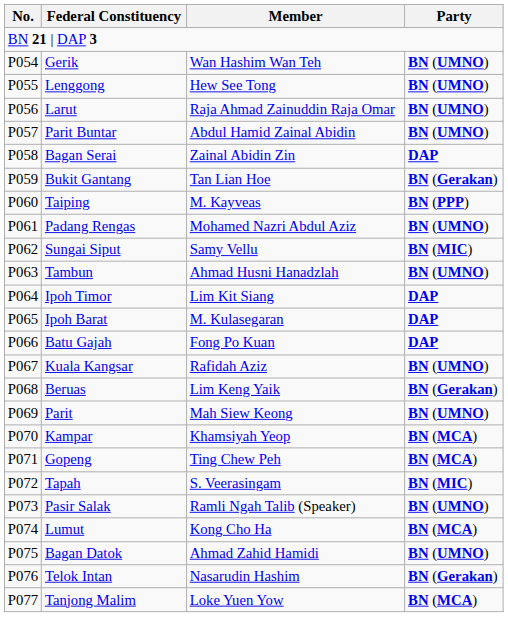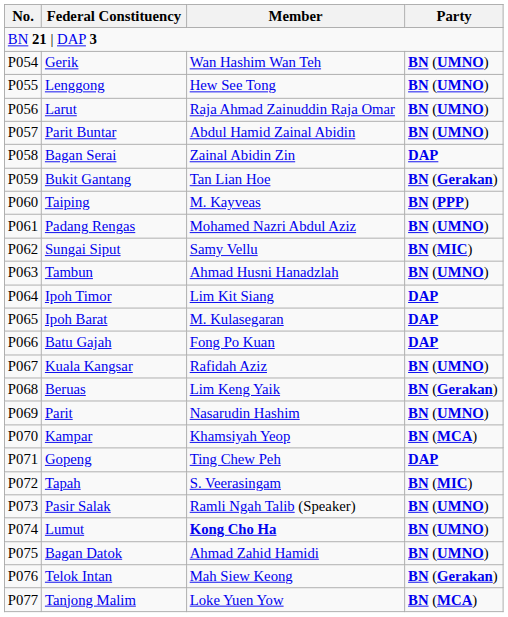 <table class="wikitable sortable">
 <tr>
 <th style="width:30px;">No.</th>
 <th style="width:150px;">Federal Constituency</th>
 <th style="width:230px;">Member</th>
 <th style="width:100px;">Party</th>
 </tr>
 <tr>
 <td colspan="4"><a href='#'>BN</a> <strong>21</strong> | <a href='#'>DAP</a> <strong>3</strong></td>
 </tr>
 <tr>
 <td>P054</td>
 <td><a href='#'>Gerik</a></td>
 <td><a href='#'>Wan Hashim Wan Teh</a></td>
 <td><strong><a href='#'>BN</a></strong> (<strong><a href='#'>UMNO</a></strong>)</td>
 </tr>
 <tr>
 <td>P055</td>
 <td><a href='#'>Lenggong</a></td>
 <td><a href='#'>Hew See Tong</a></td>
 <td><strong><a href='#'>BN</a></strong> (<strong><a href='#'>UMNO</a></strong>)</td>
 </tr>
 <tr>
 <td>P056</td>
 <td><a href='#'>Larut</a></td>
 <td><a href='#'>Raja Ahmad Zainuddin Raja Omar</a></td>
 <td><strong><a href='#'>BN</a></strong> (<strong><a href='#'>UMNO</a></strong>)</td>
 </tr>
 <tr>
 <td>P057</td>
 <td><a href='#'>Parit Buntar</a></td>
 <td><a href='#'>Abdul Hamid Zainal Abidin</a></td>
 <td><strong><a href='#'>BN</a></strong> (<strong><a href='#'>UMNO</a></strong>)</td>
 </tr>
 <tr>
 <td>P058</td>
 <td><a href='#'>Bagan Serai</a></td>
 <td><a href='#'>Zainal Abidin Zin</a></td>
 <td><strong><a href='#'>DAP</a></strong></td>
 </tr>
 <tr>
 <td>P059</td>
 <td><a href='#'>Bukit Gantang</a></td>
 <td><a href='#'>Tan Lian Hoe</a></td>
 <td><strong><a href='#'>BN</a></strong> (<strong><a href='#'>Gerakan</a></strong>)</td>
 </tr>
 <tr>
 <td>P060</td>
 <td><a href='#'>Taiping</a></td>
 <td><a href='#'>M. Kayveas</a></td>
 <td><strong><a href='#'>BN</a></strong> (<strong><a href='#'>PPP</a></strong>)</td>
 </tr>
 <tr>
 <td>P061</td>
 <td><a href='#'>Padang Rengas</a></td>
 <td><a href='#'>Mohamed Nazri Abdul Aziz</a></td>
 <td><strong><a href='#'>BN</a></strong> (<strong><a href='#'>UMNO</a></strong>)</td>
 </tr>
 <tr>
 <td>P062</td>
 <td><a href='#'>Sungai Siput</a></td>
 <td><a href='#'>Samy Vellu</a></td>
 <td><strong><a href='#'>BN</a></strong> (<strong><a href='#'>MIC</a></strong>)</td>
 </tr>
 <tr>
 <td>P063</td>
 <td><a href='#'>Tambun</a></td>
 <td><a href='#'>Ahmad Husni Hanadzlah</a></td>
 <td><strong><a href='#'>BN</a></strong> (<strong><a href='#'>UMNO</a></strong>)</td>
 </tr>
 <tr>
 <td>P064</td>
 <td><a href='#'>Ipoh Timor</a></td>
 <td><a href='#'>Lim Kit Siang</a></td>
 <td><strong><a href='#'>DAP</a></strong></td>
 </tr>
 <tr>
 <td>P065</td>
 <td><a href='#'>Ipoh Barat</a></td>
 <td><a href='#'>M. Kulasegaran</a></td>
 <td><strong><a href='#'>DAP</a></strong></td>
 </tr>
 <tr>
 <td>P066</td>
 <td><a href='#'>Batu Gajah</a></td>
 <td><a href='#'>Fong Po Kuan</a></td>
 <td><strong><a href='#'>DAP</a></strong></td>
 </tr>
 <tr>
 <td>P067</td>
 <td><a href='#'>Kuala Kangsar</a></td>
 <td><a href='#'>Rafidah Aziz</a></td>
 <td><strong><a href='#'>BN</a></strong> (<strong><a href='#'>UMNO</a></strong>)</td>
 </tr>
 <tr>
 <td>P068</td>
 <td><a href='#'>Beruas</a></td>
 <td><a href='#'>Lim Keng Yaik</a></td>
 <td><strong><a href='#'>BN</a></strong> (<strong><a href='#'>Gerakan</a></strong>)</td>
 </tr>
 <tr>
 <td>P069</td>
 <td><a href='#'>Parit</a></td>
-<td><a href='#'>Mah Siew Keong</a></td>
+<td><a href='#'>Nasarudin Hashim</a></td>
 <td><strong><a href='#'>BN</a></strong> (<strong><a href='#'>UMNO</a></strong>)</td>
 </tr>
 <tr>
 <td>P070</td>
 <td><a href='#'>Kampar</a></td>
 <td><a href='#'>Khamsiyah Yeop</a></td>
 <td><strong><a href='#'>BN</a></strong> (<strong><a href='#'>MCA</a></strong>)</td>
 </tr>
 <tr>
 <td>P071</td>
 <td><a href='#'>Gopeng</a></td>
 <td><a href='#'>Ting Chew Peh</a></td>
-<td><strong><a href='#'>BN</a></strong> (<strong><a href='#'>MCA</a></strong>)</td>
+<td><strong><a href='#'>DAP</a></strong></td>
 </tr>
 <tr>
 <td>P072</td>
 <td><a href='#'>Tapah</a></td>
 <td><a href='#'>S. Veerasingam</a></td>
 <td><strong><a href='#'>BN</a></strong> (<strong><a href='#'>MIC</a></strong>)</td>
 </tr>
 <tr>
 <td>P073</td>
 <td><a href='#'>Pasir Salak</a></td>
 <td><a href='#'>Ramli Ngah Talib</a> (Speaker)</td>
 <td><strong><a href='#'>BN</a></strong> (<strong><a href='#'>UMNO</a></strong>)</td>
 </tr>
 <tr>
 <td>P074</td>
 <td><a href='#'>Lumut</a></td>
-<td><a href='#'>Kong Cho Ha</a></td>
-<td><strong><a href='#'>BN</a></strong> (<strong><a href='#'>MCA</a></strong>)</td>
+<td><strong><a href='#'>Kong Cho Ha</a></strong></td>
+<td><strong><a href='#'>BN</a></strong> (<strong><a href='#'>UMNO</a></strong>)</td>
 </tr>
 <tr>
 <td>P075</td>
 <td><a href='#'>Bagan Datok</a></td>
 <td><a href='#'>Ahmad Zahid Hamidi</a></td>
 <td><strong><a href='#'>BN</a></strong> (<strong><a href='#'>UMNO</a></strong>)</td>
 </tr>
 <tr>
 <td>P076</td>
 <td><a href='#'>Telok Intan</a></td>
-<td><a href='#'>Nasarudin Hashim</a></td>
+<td><a href='#'>Mah Siew Keong</a></td>
 <td><strong><a href='#'>BN</a></strong> (<strong><a href='#'>Gerakan</a></strong>)</td>
 </tr>
 <tr>
 <td>P077</td>
 <td><a href='#'>Tanjong Malim</a></td>
 <td><a href='#'>Loke Yuen Yow</a></td>
 <td><strong><a href='#'>BN</a></strong> (<strong><a href='#'>MCA</a></strong>)</td>
 </tr>
 </table>
